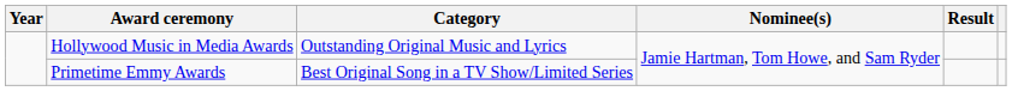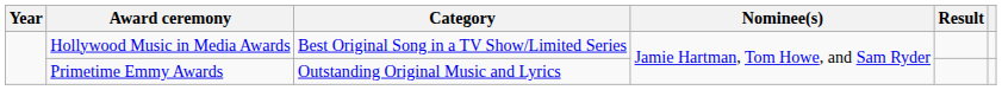 <table class="wikitable sortable plainrowheaders">
 <tr>
 <th scope="col">Year</th>
 <th scope="col">Award ceremony</th>
 <th scope="col">Category</th>
 <th scope="col">Nominee(s)</th>
 <th scope="col">Result</th>
 <th scope="col" class="unsortable"></th>
 </tr>
 <tr>
 <td rowspan="2"></td>
 <td><a href='#'>Hollywood Music in Media Awards</a></td>
-<td><a href='#'>Outstanding Original Music and Lyrics</a></td>
+<td><a href='#'>Best Original Song in a TV Show/Limited Series</a></td>
 <td rowspan="2"><a href='#'>Jamie Hartman</a>, <a href='#'>Tom Howe</a>, and <a href='#'>Sam Ryder</a> </td>
 <td></td>
 <td style="text-align:center;"></td>
 </tr>
 <tr>
 <td><a href='#'>Primetime Emmy Awards</a></td>
-<td><a href='#'>Best Original Song in a TV Show/Limited Series</a></td>
+<td><a href='#'>Outstanding Original Music and Lyrics</a></td>
 <td></td>
 <td style="text-align:center;"></td>
 </tr>
 </table>
